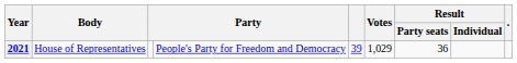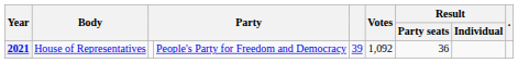 <table class="wikitable plainrowheaders sortable" border=2 cellpadding=4 cellspacing=0 style="border: 1px #aaa solid; font-size: 90%; text-align:center;">
 <tr>
 <th scope="col" rowspan=2>Year</th>
 <th scope="col" rowspan=2>Body</th>
 <th scope="col" colspan=2 rowspan=2>Party</th>
 <th scope="col" rowspan=2></th>
 <th scope="col" rowspan=2>Votes</th>
 <th scope="colgroup" colspan=2>Result</th>
 <th scope="col" rowspan=2 class="unsortable">.</th>
 </tr>
 <tr>
 <th scope="col">Party seats</th>
 <th scope="col">Individual</th>
 </tr>
 <tr>
 <th scope="row"><a href='#'>2021</a></th>
 <td><a href='#'>House of Representatives</a></td>
 <td style="background-color:"></td>
 <td><a href='#'>People's Party for Freedom and Democracy</a></td>
 <td style=text-align:right><a href='#'>39</a></td>
-<td style=text-align:right>1,029</td>
+<td style=text-align:right>1,092</td>
 <td style=text-align:right>36</td>
 <td></td>
 <td></td>
 </tr>
 </table>
